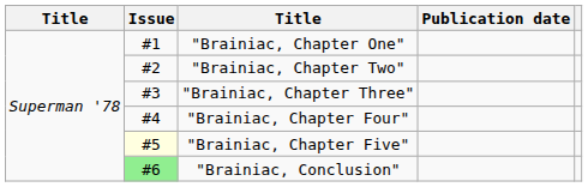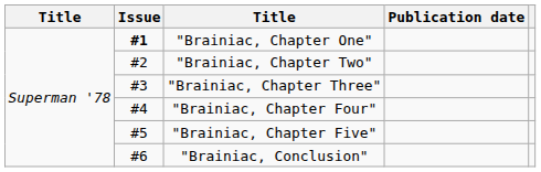 <table class="wikitable" style="text-align:center;">
 <tr>
 <th>Title</th>
 <th>Issue</th>
 <th>Title</th>
 <th>Publication date</th>
 <th></th>
 </tr>
 <tr>
 <td rowspan="6"><em>Superman '78</em></td>
-<td>#1</td>
+<td><strong>#1</strong></td>
 <td>"Brainiac, Chapter One"</td>
 <td></td>
 <td></td>
 </tr>
 <tr>
 <td>#2</td>
 <td>"Brainiac, Chapter Two"</td>
 <td></td>
 <td></td>
 </tr>
 <tr>
 <td>#3</td>
 <td>"Brainiac, Chapter Three"</td>
 <td></td>
 <td></td>
 </tr>
 <tr>
 <td>#4</td>
 <td>"Brainiac, Chapter Four"</td>
 <td></td>
 <td></td>
 </tr>
 <tr>
-<td style="background: lightyellow;">#5</td>
+<td>#5</td>
 <td>"Brainiac, Chapter Five"</td>
 <td></td>
 <td></td>
 </tr>
 <tr>
-<td style="background: lightgreen;">#6</td>
+<td>#6</td>
 <td>"Brainiac, Conclusion"</td>
 <td></td>
 <td></td>
 </tr>
 </table>
